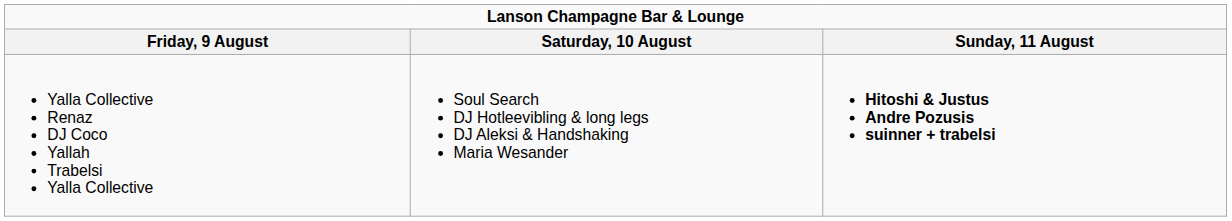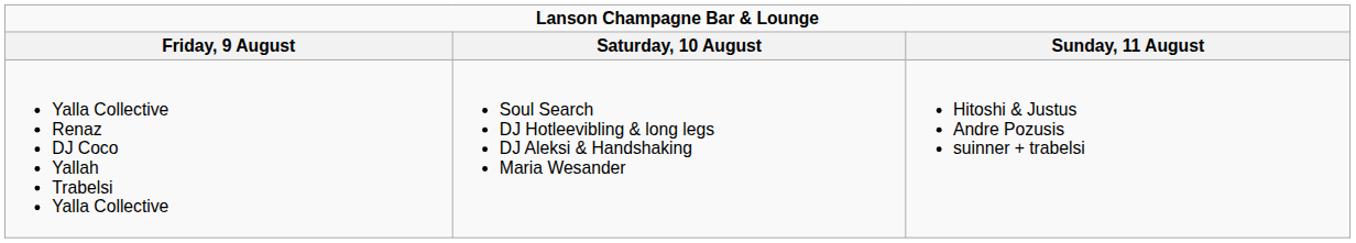 <table class="wikitable">
 <tr>
 <td colspan="4" align="center"><strong>Lanson Champagne Bar & Lounge</strong></td>
 </tr>
 <tr>
 <th width="500">Friday, 9 August</th>
 <th width="500">Saturday, 10 August</th>
 <th width="500">Sunday, 11 August</th>
 </tr>
 <tr valign="top">
 <td><br><ul><li>Yalla Collective</li><li>Renaz</li><li>DJ Coco</li><li>Yallah</li><li>Trabelsi</li><li>Yalla Collective</li></ul></td>
 <td><br><ul><li>Soul Search</li><li>DJ Hotleevibling & long legs</li><li>DJ Aleksi & Handshaking</li><li>Maria Wesander</li></ul></td>
-<td><strong><br><ul><li>Hitoshi & Justus</li><li>Andre Pozusis</li><li>suinner + trabelsi</li></ul></strong></td>
+<td><br><ul><li>Hitoshi & Justus</li><li>Andre Pozusis</li><li>suinner + trabelsi</li></ul></td>
 </tr>
 </table>
